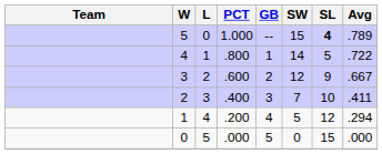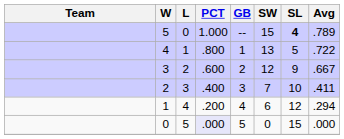 <table class=wikitable style="text-align:center;">
 <tr>
 <th width=200px>Team</th>
 <th width=20px>W</th>
 <th width=20px>L</th>
 <th width=35px><a href='#'>PCT</a></th>
 <th width=25px><a href='#'>GB</a></th>
 <th width=30px>SW</th>
 <th width=30px>SL</th>
 <th width=35px>Avg</th>
 </tr>
 <tr bgcolor="#CCCCFF">
 <td align=left></td>
 <td>5</td>
 <td>0</td>
 <td>1.000</td>
 <td>--</td>
 <td>15</td>
 <td><strong>4</strong></td>
 <td>.789</td>
 </tr>
 <tr bgcolor="#CCCCFF">
 <td align=left></td>
 <td>4</td>
 <td>1</td>
 <td>.800</td>
 <td>1</td>
-<td>14</td>
+<td>13</td>
 <td>5</td>
 <td>.722</td>
 </tr>
 <tr bgcolor="#CCCCFF">
 <td align=left></td>
 <td>3</td>
 <td>2</td>
 <td>.600</td>
 <td>2</td>
 <td>12</td>
 <td>9</td>
 <td>.667</td>
 </tr>
 <tr bgcolor="#CCCCFF">
 <td align=left></td>
 <td>2</td>
 <td>3</td>
 <td>.400</td>
 <td>3</td>
 <td>7</td>
 <td>10</td>
 <td>.411</td>
 </tr>
 <tr>
 <td align=left></td>
 <td>1</td>
 <td>4</td>
 <td>.200</td>
 <td>4</td>
-<td>5</td>
+<td>6</td>
 <td>12</td>
 <td>.294</td>
 </tr>
 <tr>
 <td align=left></td>
 <td>0</td>
 <td>5</td>
-<td>.000</td>
+<td style="background: lavender;">.000</td>
 <td>5</td>
 <td>0</td>
 <td>15</td>
 <td>.000</td>
 </tr>
 <tr>
 </tr>
 </table>
